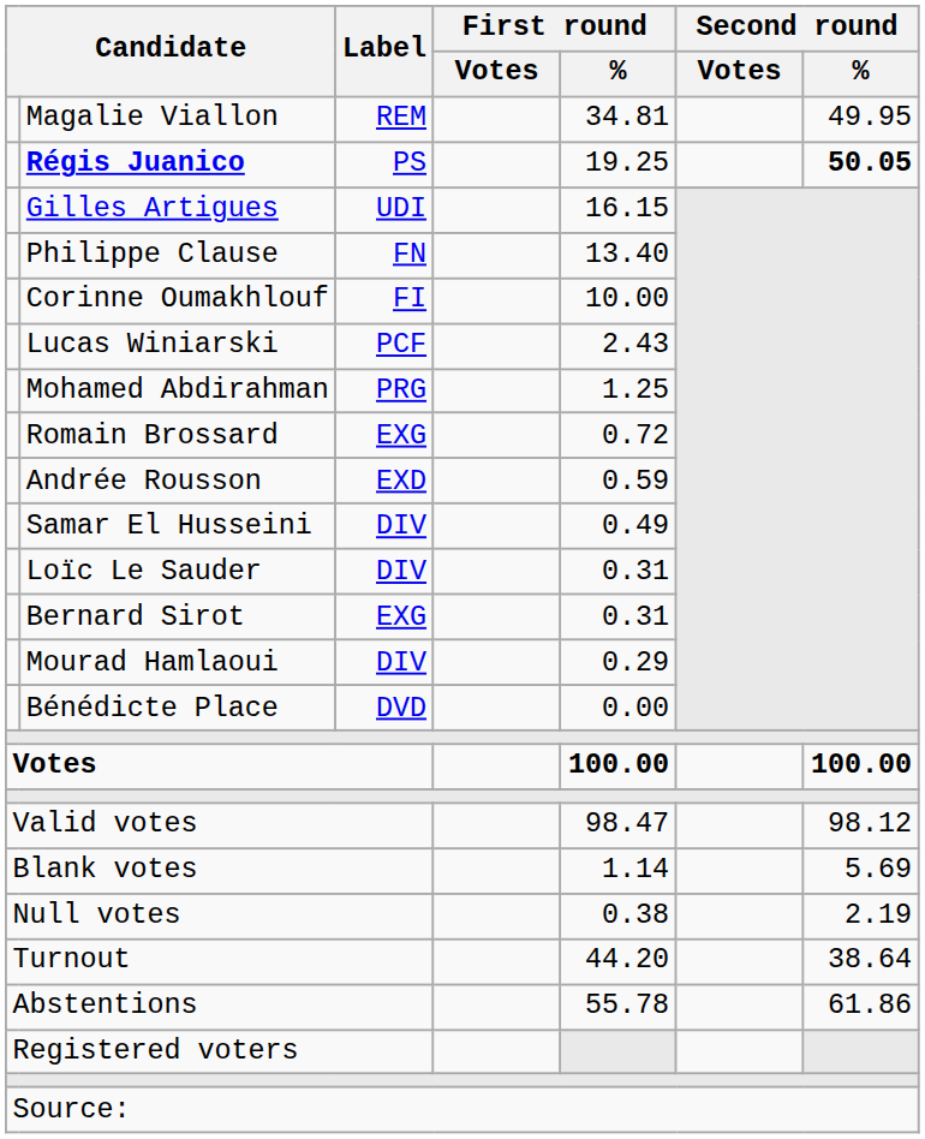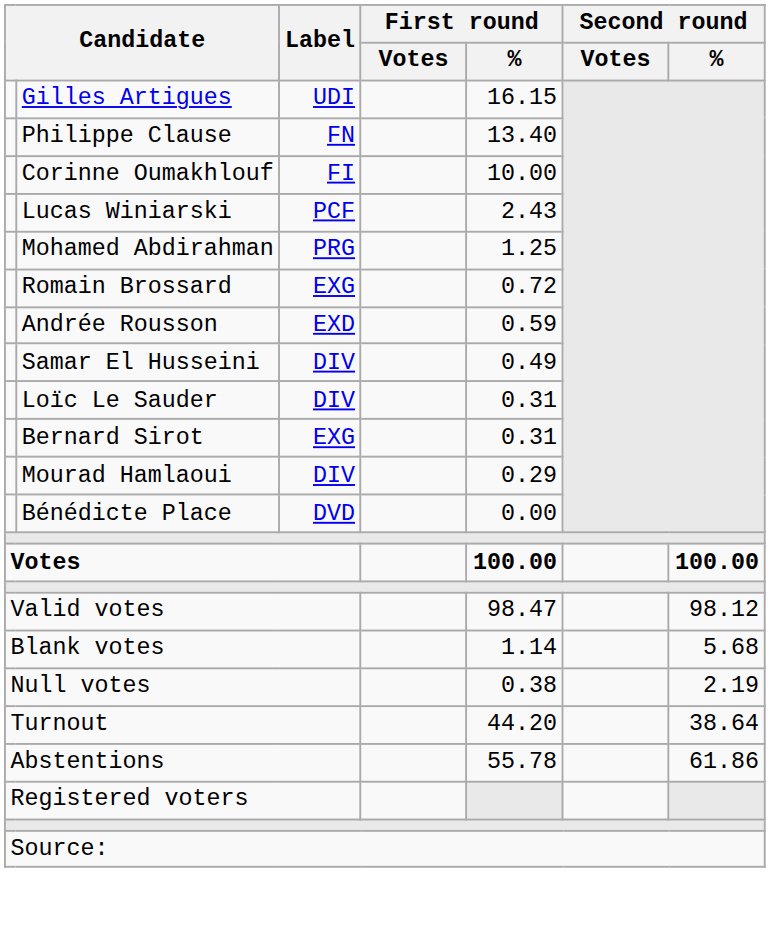 <table class="wikitable" style="text-align:right;font-size:95%;">
 <tr>
 <th rowspan="2" colspan="2">Candidate</th>
 <th rowspan="2">Label</th>
 <th colspan="2">First round</th>
 <th colspan="2">Second round</th>
 </tr>
 <tr>
 <th style="width:50px;">Votes</th>
 <th style="width:45px;">%</th>
 <th style="width:50px;">Votes</th>
 <th style="width:45px;">%</th>
-</tr>
-<tr>
-<td style="color:inherit;background:"></td>
-<td style="text-align:left;">Magalie Viallon</td>
-<td><a href='#'>REM</a></td>
-<td></td>
-<td>34.81</td>
-<td></td>
-<td>49.95</td>
-</tr>
-<tr>
-<td style="color:inherit;background:"></td>
-<td style="text-align:left;"><strong><a href='#'>Régis Juanico</a></strong></td>
-<td><a href='#'>PS</a></td>
-<td></td>
-<td>19.25</td>
-<td><strong></strong></td>
-<td><strong>50.05</strong></td>
 </tr>
 <tr>
 <td style="color:inherit;background:"></td>
 <td style="text-align:left;"><a href='#'>Gilles Artigues</a></td>
 <td><a href='#'>UDI</a></td>
 <td></td>
 <td>16.15</td>
 <td colspan="2" rowspan="12" style="background:#E9E9E9;"></td>
 </tr>
 <tr>
 <td style="color:inherit;background:"></td>
 <td style="text-align:left;">Philippe Clause</td>
 <td><a href='#'>FN</a></td>
 <td></td>
 <td>13.40</td>
 </tr>
 <tr>
 <td style="color:inherit;background:"></td>
 <td style="text-align:left;">Corinne Oumakhlouf</td>
 <td><a href='#'>FI</a></td>
 <td></td>
 <td>10.00</td>
 </tr>
 <tr>
 <td style="color:inherit;background:"></td>
 <td style="text-align:left;">Lucas Winiarski</td>
 <td><a href='#'>PCF</a></td>
 <td></td>
 <td>2.43</td>
 </tr>
 <tr>
 <td style="color:inherit;background:"></td>
 <td style="text-align:left;">Mohamed Abdirahman</td>
 <td><a href='#'>PRG</a></td>
 <td></td>
 <td>1.25</td>
 </tr>
 <tr>
 <td style="color:inherit;background:"></td>
 <td style="text-align:left;">Romain Brossard</td>
 <td><a href='#'>EXG</a></td>
 <td></td>
 <td>0.72</td>
 </tr>
 <tr>
 <td style="color:inherit;background:"></td>
 <td style="text-align:left;">Andrée Rousson</td>
 <td><a href='#'>EXD</a></td>
 <td></td>
 <td>0.59</td>
 </tr>
 <tr>
 <td style="color:inherit;background:"></td>
 <td style="text-align:left;">Samar El Husseini</td>
 <td><a href='#'>DIV</a></td>
 <td></td>
 <td>0.49</td>
 </tr>
 <tr>
 <td style="color:inherit;background:"></td>
 <td style="text-align:left;">Loïc Le Sauder</td>
 <td><a href='#'>DIV</a></td>
 <td></td>
 <td>0.31</td>
 </tr>
 <tr>
 <td style="color:inherit;background:"></td>
 <td style="text-align:left;">Bernard Sirot</td>
 <td><a href='#'>EXG</a></td>
 <td></td>
 <td>0.31</td>
 </tr>
 <tr>
 <td style="color:inherit;background:"></td>
 <td style="text-align:left;">Mourad Hamlaoui</td>
 <td><a href='#'>DIV</a></td>
 <td></td>
 <td>0.29</td>
 </tr>
 <tr>
 <td style="color:inherit;background:"></td>
 <td style="text-align:left;">Bénédicte Place</td>
 <td><a href='#'>DVD</a></td>
 <td></td>
 <td>0.00</td>
 </tr>
 <tr>
 <td colspan="7" style="background:#E9E9E9;"></td>
 </tr>
 <tr style="font-weight:bold;">
 <td colspan="3" style="text-align:left;">Votes</td>
 <td></td>
 <td>100.00</td>
 <td></td>
 <td>100.00</td>
 </tr>
 <tr>
 <td colspan="7" style="background:#E9E9E9;"></td>
 </tr>
 <tr>
 <td colspan="3" style="text-align:left;">Valid votes</td>
 <td></td>
 <td>98.47</td>
 <td></td>
 <td>98.12</td>
 </tr>
 <tr>
 <td colspan="3" style="text-align:left;">Blank votes</td>
 <td></td>
 <td>1.14</td>
 <td></td>
-<td>5.69</td>
+<td>5.68</td>
 </tr>
 <tr>
 <td colspan="3" style="text-align:left;">Null votes</td>
 <td></td>
 <td>0.38</td>
 <td></td>
 <td>2.19</td>
 </tr>
 <tr>
 <td colspan="3" style="text-align:left;">Turnout</td>
 <td></td>
 <td>44.20</td>
 <td></td>
 <td>38.64</td>
 </tr>
 <tr>
 <td colspan="3" style="text-align:left;">Abstentions</td>
 <td></td>
 <td>55.78</td>
 <td></td>
 <td>61.86</td>
 </tr>
 <tr>
 <td colspan="3" style="text-align:left;">Registered voters</td>
 <td></td>
 <td style="color:inherit;background:#E9E9E9;"></td>
 <td></td>
 <td style="color:inherit;background:#E9E9E9;"></td>
 </tr>
 <tr>
 <td colspan="7" style="background:#E9E9E9;"></td>
 </tr>
 <tr>
 <td colspan="7" style="text-align:left;">Source: </td>
 </tr>
 </table>
